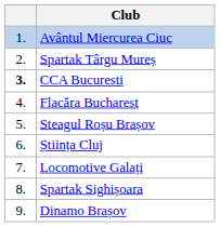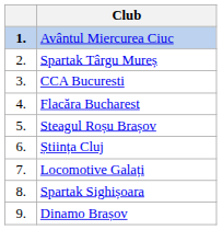 <table class="wikitable">
 <tr>
 <th width="30"></th>
 <th width="200">Club</th>
 </tr>
 <tr bgcolor="#BCD2EE" align="center">
-<td>1.</td>
+<td><strong>1.</strong></td>
 <td align="left"><a href='#'>Avântul Miercurea Ciuc</a></td>
 </tr>
 <tr bgcolor="#FFFFFF" align="center">
 <td>2.</td>
 <td align="left"><a href='#'>Spartak Târgu Mureș</a></td>
 </tr>
 <tr bgcolor="#FFFFFF" align="center">
-<td><strong>3.</strong></td>
+<td>3.</td>
 <td align="left"><a href='#'>CCA Bucuresti</a></td>
 </tr>
 <tr bgcolor="#FFFFFF" align="center">
 <td>4.</td>
 <td align="left"><a href='#'>Flacăra Bucharest</a></td>
 </tr>
 <tr bgcolor="#FFFFFF" align="center">
 <td>5.</td>
 <td align="left"><a href='#'>Steagul Roșu Brașov</a></td>
 </tr>
 <tr bgcolor="#FFFFFF" align="center">
 <td>6.</td>
 <td align="left"><a href='#'>Știința Cluj</a></td>
 </tr>
 <tr bgcolor="#FFFFFF" align="center">
 <td>7.</td>
 <td align="left"><a href='#'>Locomotive Galați</a></td>
 </tr>
 <tr bgcolor="#FFFFFF" align="center">
 <td>8.</td>
 <td align="left"><a href='#'>Spartak Sighișoara</a></td>
 </tr>
 <tr bgcolor="#FFFFFF" align="center">
 <td>9.</td>
 <td align="left"><a href='#'>Dinamo Brașov</a></td>
 </tr>
 </table>
